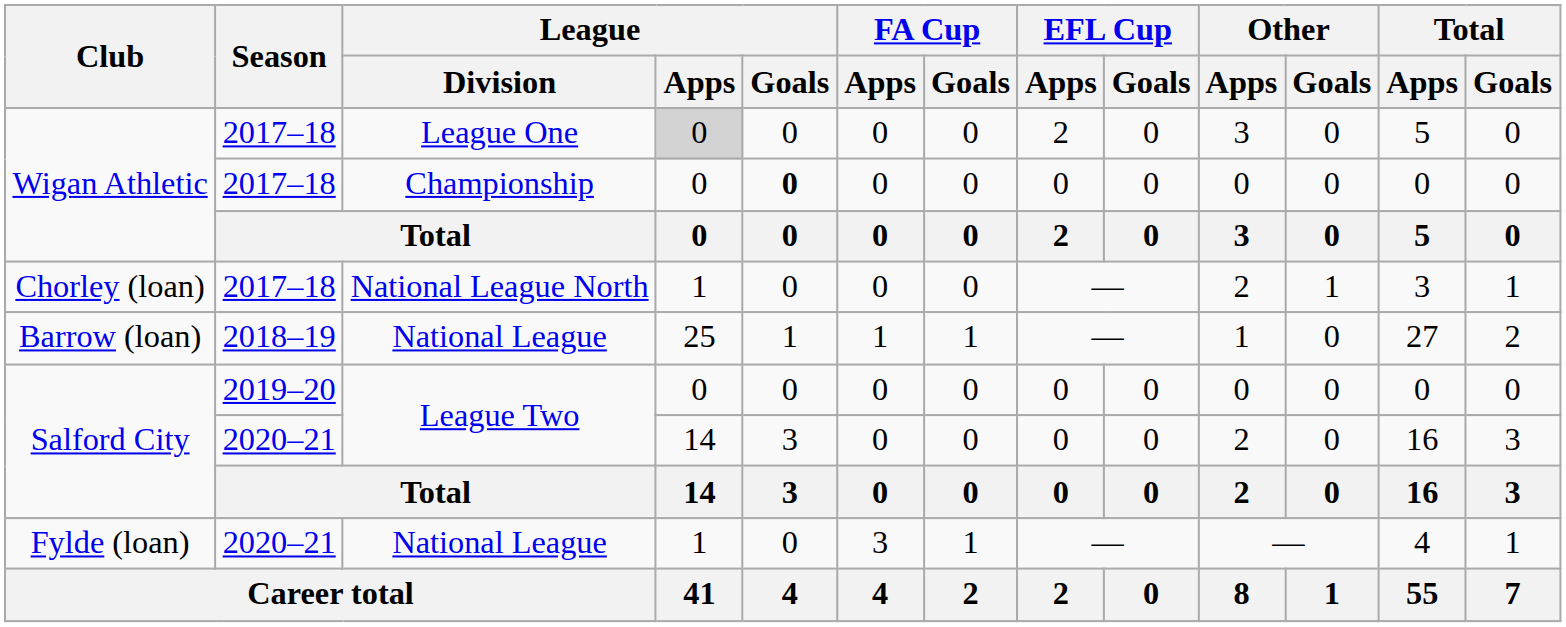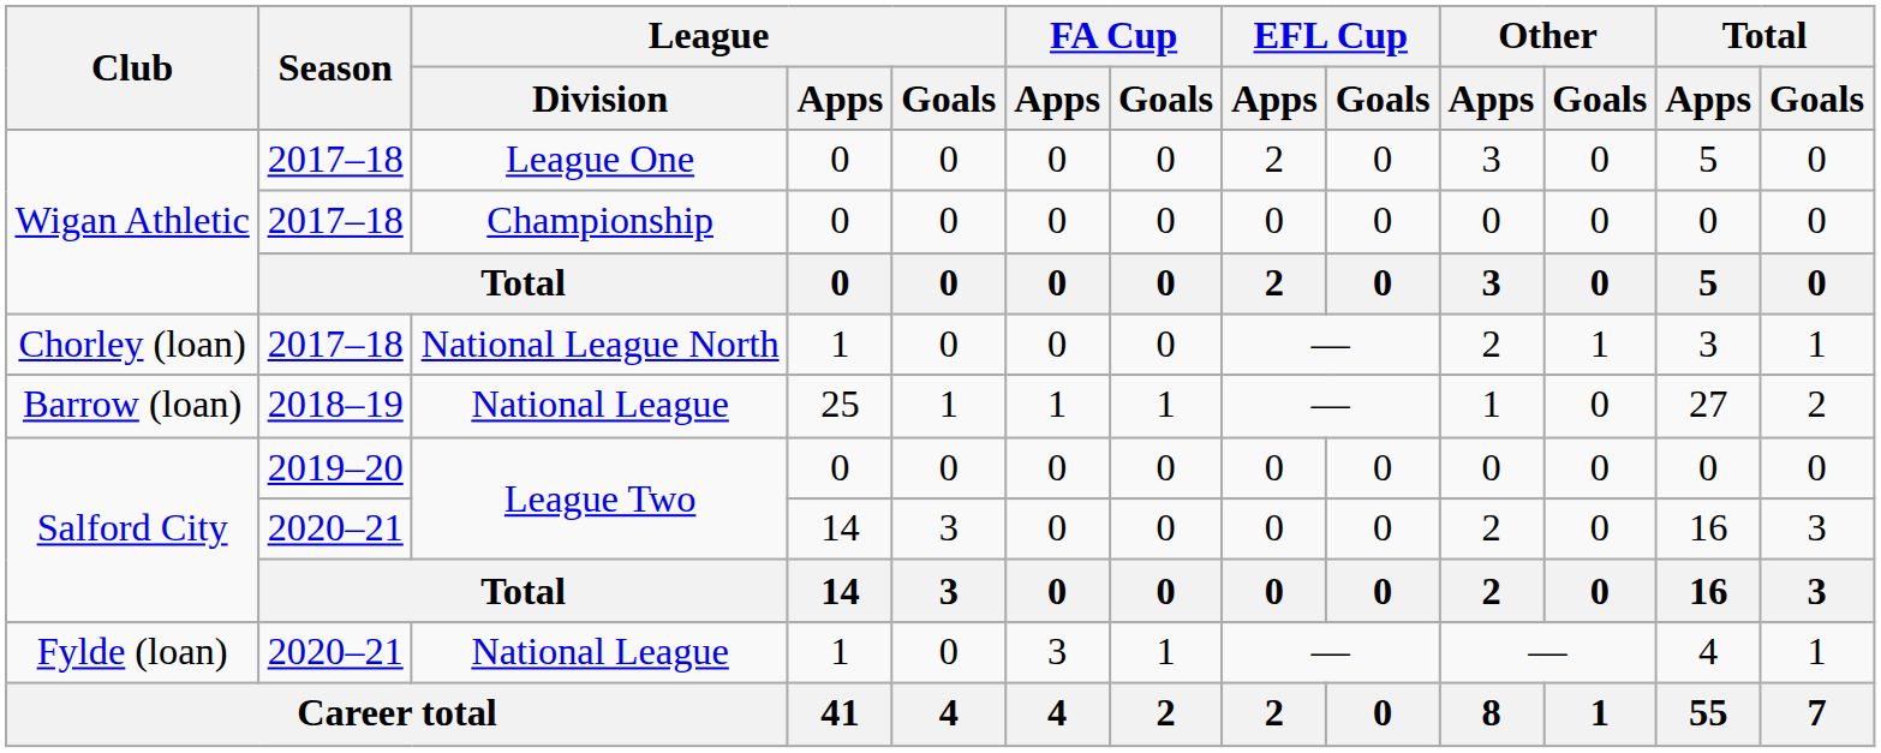 <table class="wikitable" style="text-align: center">
 <tr>
 <th rowspan="2">Club</th>
 <th rowspan="2">Season</th>
 <th colspan="3">League</th>
 <th colspan="2"><a href='#'>FA Cup</a></th>
 <th colspan="2"><a href='#'>EFL Cup</a></th>
 <th colspan="2">Other</th>
 <th colspan="2">Total</th>
 </tr>
 <tr>
 <th>Division</th>
 <th>Apps</th>
 <th>Goals</th>
 <th>Apps</th>
 <th>Goals</th>
 <th>Apps</th>
 <th>Goals</th>
 <th>Apps</th>
 <th>Goals</th>
 <th>Apps</th>
 <th>Goals</th>
 </tr>
 <tr>
 <td rowspan=3><a href='#'>Wigan Athletic</a></td>
 <td><a href='#'>2017–18</a></td>
 <td><a href='#'>League One</a></td>
-<td style="background: lightgrey;">0</td>
+<td>0</td>
 <td>0</td>
 <td>0</td>
 <td>0</td>
 <td>2</td>
 <td>0</td>
 <td>3</td>
 <td>0</td>
 <td>5</td>
 <td>0</td>
 </tr>
 <tr>
 <td><a href='#'>2017–18</a></td>
 <td><a href='#'>Championship</a></td>
 <td>0</td>
-<td><strong>0</strong></td>
+<td>0</td>
 <td>0</td>
 <td>0</td>
 <td>0</td>
 <td>0</td>
 <td>0</td>
 <td>0</td>
 <td>0</td>
 <td>0</td>
 </tr>
 <tr>
 <th colspan="2">Total</th>
 <th>0</th>
 <th>0</th>
 <th>0</th>
 <th>0</th>
 <th>2</th>
 <th>0</th>
 <th>3</th>
 <th>0</th>
 <th>5</th>
 <th>0</th>
 </tr>
 <tr>
 <td><a href='#'>Chorley</a> (loan)</td>
 <td><a href='#'>2017–18</a></td>
 <td><a href='#'>National League North</a></td>
 <td>1</td>
 <td>0</td>
 <td>0</td>
 <td>0</td>
 <td colspan=2>—</td>
 <td>2</td>
 <td>1</td>
 <td>3</td>
 <td>1</td>
 </tr>
 <tr>
 <td><a href='#'>Barrow</a> (loan)</td>
 <td><a href='#'>2018–19</a></td>
 <td><a href='#'>National League</a></td>
 <td>25</td>
 <td>1</td>
 <td>1</td>
 <td>1</td>
 <td colspan=2>—</td>
 <td>1</td>
 <td>0</td>
 <td>27</td>
 <td>2</td>
 </tr>
 <tr>
 <td rowspan=3><a href='#'>Salford City</a></td>
 <td><a href='#'>2019–20</a></td>
 <td rowspan="2"><a href='#'>League Two</a></td>
 <td>0</td>
 <td>0</td>
 <td>0</td>
 <td>0</td>
 <td>0</td>
 <td>0</td>
 <td>0</td>
 <td>0</td>
 <td>0</td>
 <td>0</td>
 </tr>
 <tr>
 <td><a href='#'>2020–21</a></td>
 <td>14</td>
 <td>3</td>
 <td>0</td>
 <td>0</td>
 <td>0</td>
 <td>0</td>
 <td>2</td>
 <td>0</td>
 <td>16</td>
 <td>3</td>
 </tr>
 <tr>
 <th colspan="2">Total</th>
 <th>14</th>
 <th>3</th>
 <th>0</th>
 <th>0</th>
 <th>0</th>
 <th>0</th>
 <th>2</th>
 <th>0</th>
 <th>16</th>
 <th>3</th>
 </tr>
 <tr>
 <td><a href='#'>Fylde</a> (loan)</td>
 <td><a href='#'>2020–21</a></td>
 <td><a href='#'>National League</a></td>
 <td>1</td>
 <td>0</td>
 <td>3</td>
 <td>1</td>
 <td colspan=2>—</td>
 <td colspan=2>—</td>
 <td>4</td>
 <td>1</td>
 </tr>
 <tr>
 <th colspan="3">Career total</th>
 <th>41</th>
 <th>4</th>
 <th>4</th>
 <th>2</th>
 <th>2</th>
 <th>0</th>
 <th>8</th>
 <th>1</th>
 <th>55</th>
 <th>7</th>
 </tr>
 </table>
